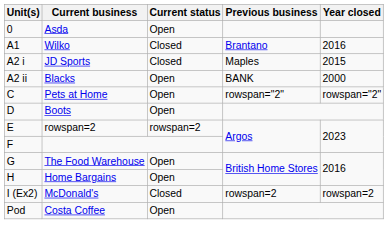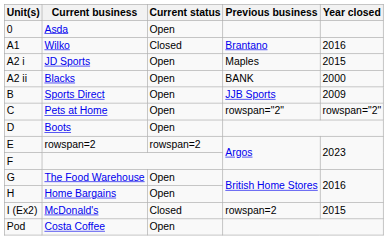 <table class="wikitable">
 <tr>
 <th>Unit(s)</th>
 <th>Current business</th>
 <th>Current status</th>
 <th>Previous business</th>
 <th>Year closed</th>
 </tr>
 <tr>
 <td>0</td>
 <td><a href='#'>Asda</a></td>
 <td>Open</td>
 <td></td>
 <td></td>
 </tr>
 <tr>
 <td>A1</td>
 <td><a href='#'>Wilko</a></td>
 <td>Closed</td>
 <td><a href='#'>Brantano</a></td>
 <td>2016</td>
 </tr>
 <tr>
 <td>A2 i</td>
 <td><a href='#'>JD Sports</a></td>
-<td>Closed</td>
+<td>Open</td>
 <td>Maples</td>
 <td>2015</td>
 </tr>
 <tr>
 <td>A2 ii</td>
 <td><a href='#'>Blacks</a></td>
 <td>Open</td>
 <td>BANK</td>
 <td>2000</td>
+</tr>
+<tr>
+<td>B</td>
+<td><a href='#'>Sports Direct</a></td>
+<td>Open</td>
+<td><a href='#'>JJB Sports</a></td>
+<td>2009</td>
 </tr>
 <tr>
 <td>C</td>
 <td><a href='#'>Pets at Home</a></td>
 <td>Open</td>
 <td>rowspan="2"</td>
 <td>rowspan="2"</td>
 </tr>
 <tr>
 <td>D</td>
 <td><a href='#'>Boots</a></td>
 <td>Open</td>
 </tr>
 <tr>
 <td>E</td>
 <td>rowspan=2</td>
 <td>rowspan=2</td>
 <td rowspan=2><a href='#'>Argos</a></td>
 <td rowspan=2>2023</td>
 </tr>
 <tr>
 <td>F</td>
 </tr>
 <tr>
 <td>G</td>
 <td><a href='#'>The Food Warehouse</a></td>
 <td>Open</td>
 <td rowspan="2"><a href='#'>British Home Stores</a></td>
 <td rowspan="2">2016</td>
 </tr>
 <tr>
 <td>H</td>
 <td><a href='#'>Home Bargains</a></td>
 <td>Open</td>
 </tr>
 <tr>
 <td>I (Ex2)</td>
 <td><a href='#'>McDonald's</a></td>
 <td>Closed</td>
 <td>rowspan=2 </td>
-<td>rowspan=2 </td>
+<td>2015</td>
 </tr>
 <tr>
 <td>Pod</td>
 <td><a href='#'>Costa Coffee</a></td>
 <td>Open</td>
 </tr>
 </table>
